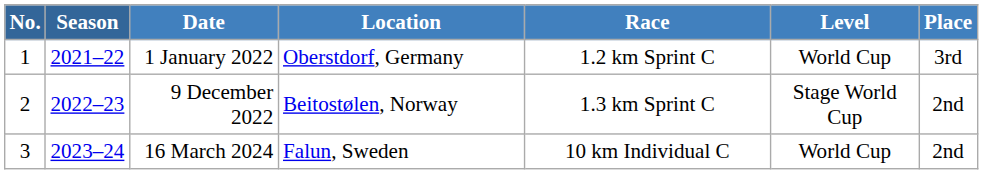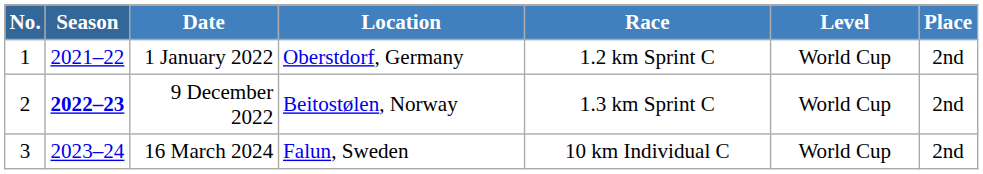 <table class="wikitable sortable" style="font-size:95%; text-align:center; border:grey solid 1px; border-collapse:collapse; background:#ffffff;">
 <tr style="background:#efefef;">
 <th style="background-color:#369; color:white;">No.</th>
 <th style="background-color:#369; color:white;">Season</th>
 <th style="background-color:#4180be; color:white; width:100px;">Date</th>
 <th style="background-color:#4180be; color:white; width:170px;">Location</th>
 <th style="background-color:#4180be; color:white; width:170px;">Race</th>
 <th style="background-color:#4180be; color:white; width:100px;">Level</th>
 <th style="background-color:#4180be; color:white;">Place</th>
 </tr>
 <tr>
 <td align=center>1</td>
 <td rowspan=1 align=center><a href='#'>2021–22</a></td>
 <td align=right>1 January 2022</td>
 <td align=left> <a href='#'>Oberstdorf</a>, Germany</td>
 <td>1.2 km Sprint C</td>
 <td>World Cup</td>
-<td>3rd</td>
+<td>2nd</td>
 </tr>
 <tr>
 <td align=center>2</td>
-<td align=center rowspan=1><a href='#'>2022–23</a></td>
+<td align=center rowspan=1><strong><a href='#'>2022–23</a></strong></td>
 <td align=right>9 December 2022</td>
 <td align=left> <a href='#'>Beitostølen</a>, Norway</td>
 <td>1.3 km Sprint C</td>
-<td>Stage World Cup</td>
+<td>World Cup</td>
 <td>2nd</td>
 </tr>
 <tr>
 <td align=center>3</td>
 <td rowspan=1 align=center><a href='#'>2023–24</a></td>
 <td align=right>16 March 2024</td>
 <td align=left> <a href='#'>Falun</a>, Sweden</td>
 <td>10 km Individual C</td>
 <td>World Cup</td>
 <td>2nd</td>
 </tr>
 </table>
